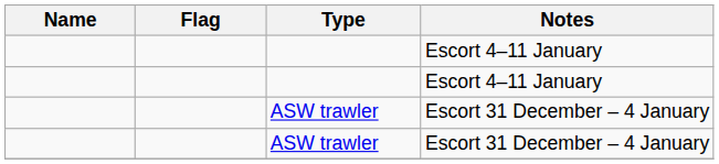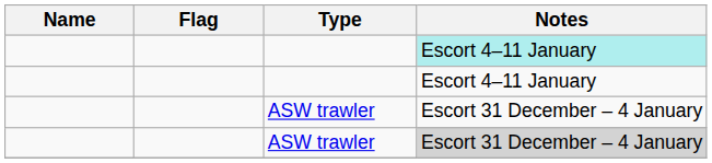 <table class="wikitable sortable">
 <tr>
 <th scope="col" width="100px">Name</th>
 <th scope="col" width="100px">Flag</th>
 <th scope="col" width="120px">Type</th>
 <th>Notes</th>
 </tr>
 <tr>
 <td align="left"></td>
 <td align="left"></td>
 <td align="left"></td>
-<td align="left">Escort 4–11 January</td>
+<td align="left" style="background: paleturquoise;">Escort 4–11 January</td>
 </tr>
 <tr>
 <td align="left"></td>
 <td align="left"></td>
 <td align="left"></td>
 <td align="left">Escort 4–11 January</td>
 </tr>
 <tr>
 <td align="left"></td>
 <td align="left"></td>
 <td align="left"><a href='#'>ASW trawler</a></td>
 <td align="left">Escort 31 December – 4 January</td>
 </tr>
 <tr>
 <td align="left"></td>
 <td align="left"></td>
 <td align="left"><a href='#'>ASW trawler</a></td>
-<td align="left">Escort 31 December – 4 January</td>
+<td align="left" style="background: lightgrey;">Escort 31 December – 4 January</td>
 </tr>
 <tr>
 </tr>
 </table>
